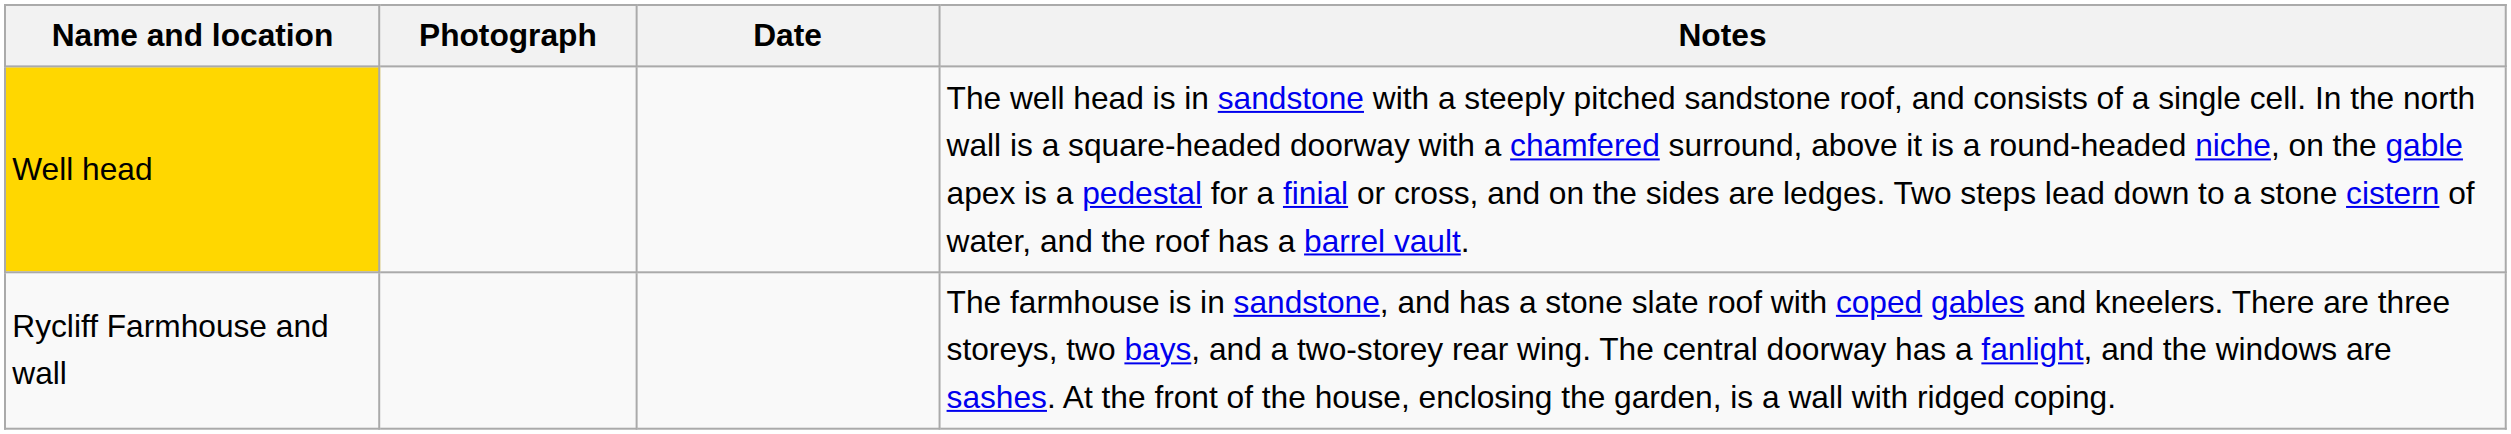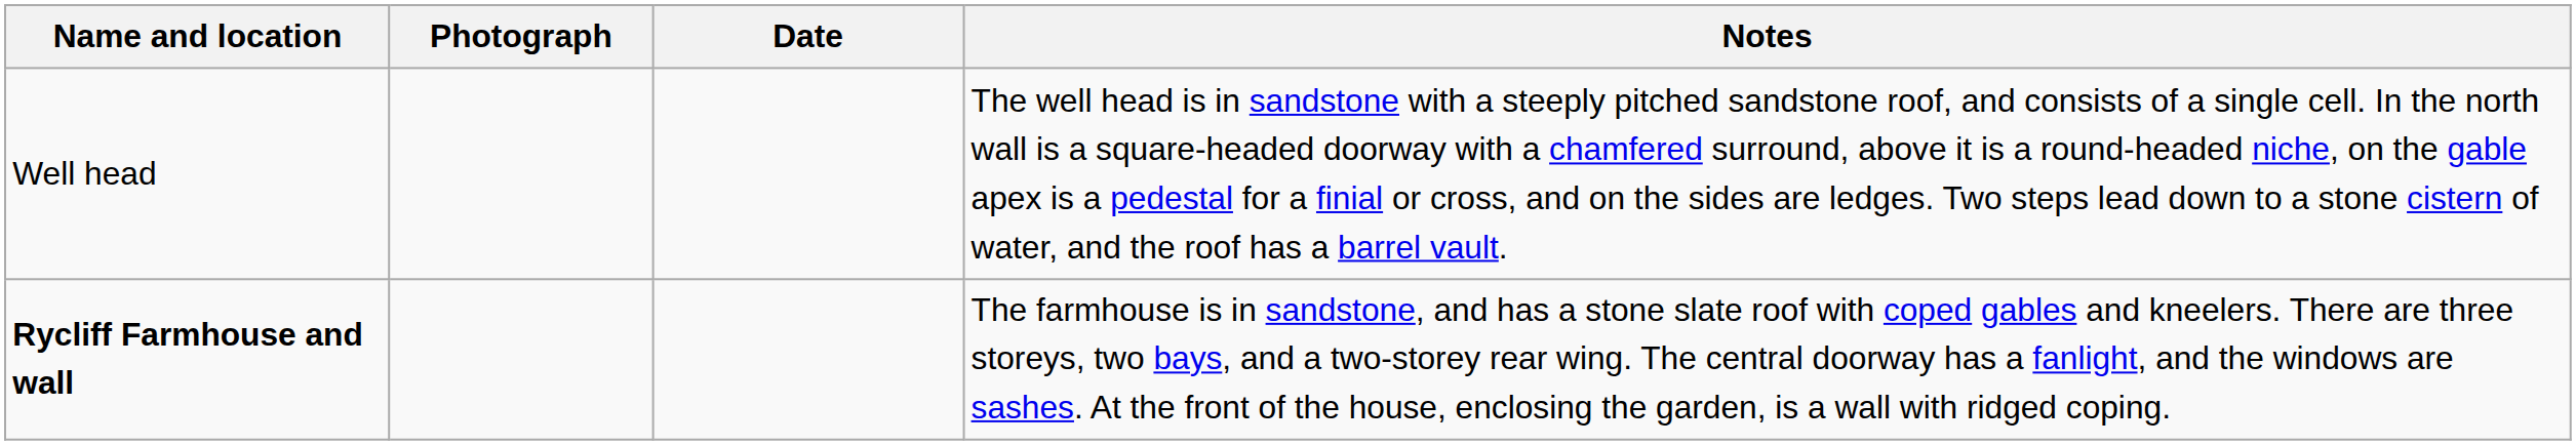 <table class="wikitable sortable plainrowheaders" style="width:100%;border:0px;text-align:left;line-height:150%;">
 <tr>
 <th scope="col"  style="width:150px">Name and location</th>
 <th scope="col"  style="width:100px" class="unsortable">Photograph</th>
 <th scope="col"  style="width:120px">Date</th>
 <th scope="col"  style="width:650px" class="unsortable">Notes</th>
 </tr>
 <tr>
-<td style="background: gold;">Well head<br><small></small></td>
+<td>Well head<br><small></small></td>
 <td></td>
 <td align="center"></td>
 <td>The well head is in <a href='#'>sandstone</a> with a steeply pitched sandstone roof, and consists of a single cell.  In the north wall is a square-headed doorway with a <a href='#'>chamfered</a> surround, above it is a round-headed <a href='#'>niche</a>, on the <a href='#'>gable</a> apex is a <a href='#'>pedestal</a> for a <a href='#'>finial</a> or cross, and on the sides are ledges.  Two steps lead down to a stone <a href='#'>cistern</a> of water, and the roof has a <a href='#'>barrel vault</a>.</td>
 </tr>
 <tr>
-<td>Rycliff Farmhouse and wall<br><small></small></td>
+<td><strong>Rycliff Farmhouse and wall<br><small></small></strong></td>
 <td></td>
 <td align="center"></td>
 <td>The farmhouse is in <a href='#'>sandstone</a>, and has a stone slate roof with <a href='#'>coped</a> <a href='#'>gables</a> and kneelers.  There are three storeys, two <a href='#'>bays</a>, and a two-storey rear wing.  The central doorway has a <a href='#'>fanlight</a>, and the windows are <a href='#'>sashes</a>.  At the front of the house, enclosing the garden, is a wall with ridged coping.</td>
 </tr>
 <tr>
 </tr>
 </table>
